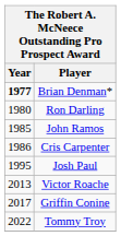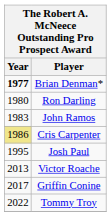 <table class="wikitable" style="display: inline-table; margin-right: 20px; text-align:center">
 <tr>
 <th scope="col" colspan="2" style="width: 145px;">The Robert A. McNeece Outstanding Pro Prospect Award</th>
 </tr>
 <tr>
 <th scope="col">Year</th>
 <th scope="col">Player</th>
 </tr>
 <tr>
 <td><strong>1977</strong></td>
 <td><a href='#'>Brian Denman</a>*</td>
 </tr>
 <tr>
 <td>1980</td>
 <td><a href='#'>Ron Darling</a></td>
 </tr>
 <tr>
-<td>1985</td>
+<td>1983</td>
 <td><a href='#'>John Ramos</a></td>
 </tr>
 <tr>
-<td>1986</td>
+<td style="background: khaki;">1986</td>
 <td><a href='#'>Cris Carpenter</a></td>
 </tr>
 <tr>
 <td>1995</td>
 <td><a href='#'>Josh Paul</a></td>
 </tr>
 <tr>
 <td>2013</td>
 <td><a href='#'>Victor Roache</a></td>
 </tr>
 <tr>
 <td>2017</td>
 <td><a href='#'>Griffin Conine</a></td>
 </tr>
 <tr>
 <td>2022</td>
 <td><a href='#'>Tommy Troy</a></td>
 </tr>
 <tr>
 </tr>
 </table>
